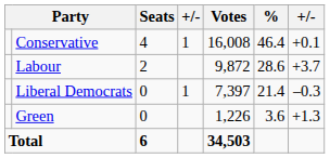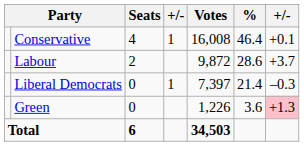 <table class="wikitable sortable">
 <tr>
 <th colspan="2">Party</th>
 <th>Seats</th>
 <th>+/-</th>
 <th>Votes</th>
 <th>%</th>
 <th>+/-</th>
 </tr>
 <tr>
 <td style="background-color: "></td>
 <td><a href='#'>Conservative</a></td>
 <td>4</td>
 <td> 1</td>
 <td style="text-align:right;">16,008</td>
 <td style="text-align:right;">46.4</td>
 <td style="text-align:right;">+0.1</td>
 </tr>
 <tr>
 <td style="background-color: "></td>
 <td><a href='#'>Labour</a></td>
 <td>2</td>
 <td></td>
 <td style="text-align:right;">9,872</td>
 <td style="text-align:right;">28.6</td>
 <td style="text-align:right;">+3.7</td>
 </tr>
 <tr>
 <td style="background-color: "></td>
 <td><a href='#'>Liberal Democrats</a></td>
 <td>0</td>
 <td> 1</td>
 <td style="text-align:right;">7,397</td>
 <td style="text-align:right;">21.4</td>
 <td style="text-align:right;">–0.3</td>
 </tr>
 <tr>
 <td style="background-color: "></td>
 <td><a href='#'>Green</a></td>
 <td>0</td>
 <td></td>
 <td style="text-align:right;">1,226</td>
 <td style="text-align:right;">3.6</td>
-<td style="text-align:right;">+1.3</td>
+<td style="background: pink; text-align:right;">+1.3</td>
 </tr>
 <tr>
 <td colspan="2"><strong>Total</strong></td>
 <td><strong>6</strong></td>
 <td></td>
 <td style="text-align:right;"><strong>34,503</strong></td>
 <td style="text-align:right;"></td>
 <td style="text-align:right;"></td>
 </tr>
 </table>
